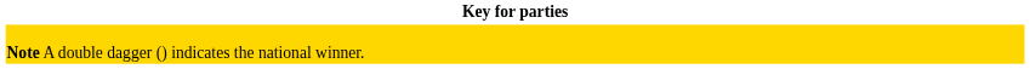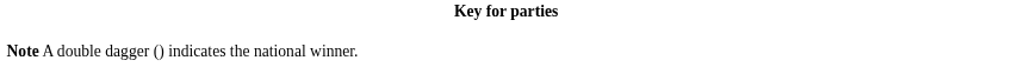 <table class="toccolours" style="width:62em">
 <tr>
 <th>Key for parties</th>
 </tr>
 <tr>
-<td style="background: gold;"><br>       <strong>Note</strong>  A double dagger () indicates the national winner.</td>
+<td><br>       <strong>Note</strong>  A double dagger () indicates the national winner.</td>
 </tr>
 </table>
